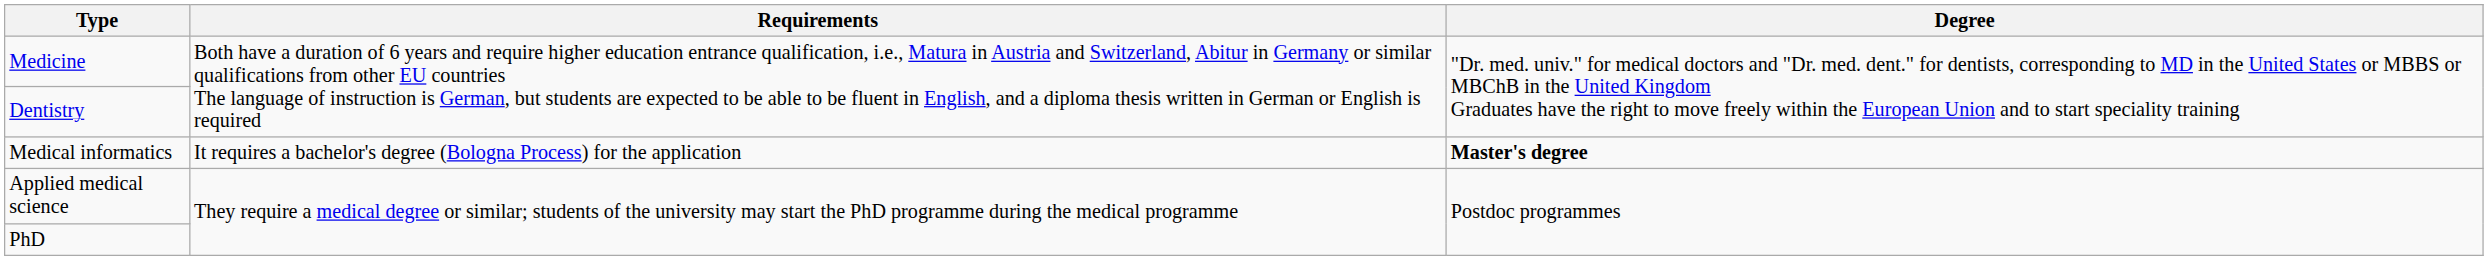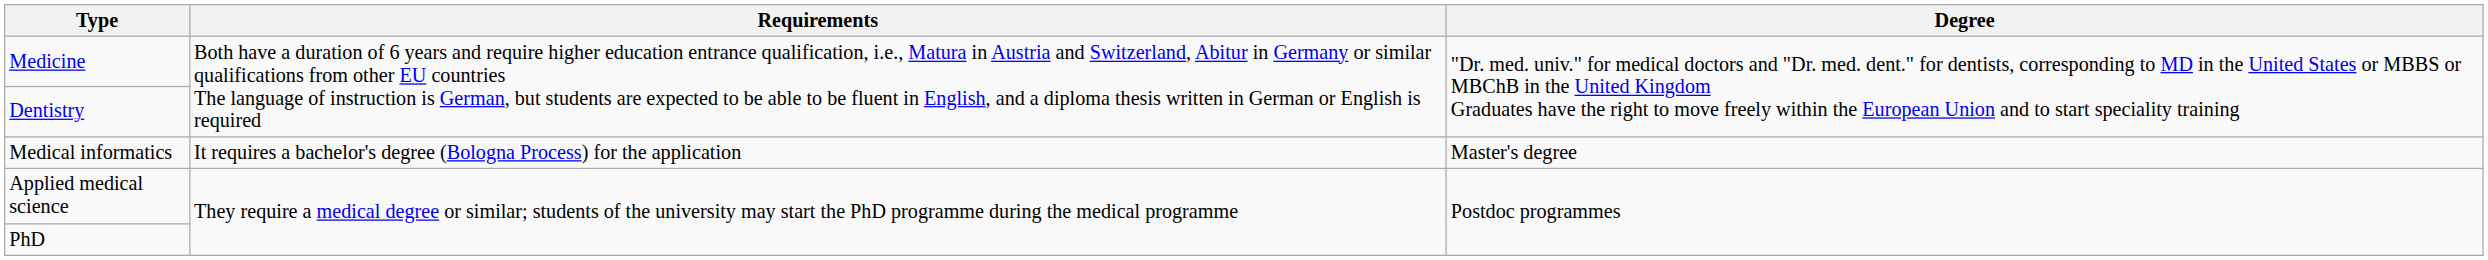 <table class="wikitable">
 <tr>
 <th>Type</th>
 <th>Requirements</th>
 <th>Degree</th>
 </tr>
 <tr>
 <td><a href='#'>Medicine</a></td>
 <td rowspan="2">Both have a duration of 6 years and require higher education entrance qualification, i.e.,  <a href='#'>Matura</a> in <a href='#'>Austria</a> and <a href='#'>Switzerland</a>, <a href='#'>Abitur</a> in <a href='#'>Germany</a> or similar qualifications from other <a href='#'>EU</a> countries<br>The language of instruction is <a href='#'>German</a>, but students are expected to be able to be fluent in <a href='#'>English</a>, and a diploma thesis written in German or English is required</td>
 <td rowspan="2">"Dr. med. univ." for medical doctors and "Dr. med. dent." for dentists, corresponding to <a href='#'>MD</a> in the <a href='#'>United States</a> or MBBS or MBChB in the <a href='#'>United Kingdom</a><br>Graduates have the right to move freely within the <a href='#'>European Union</a> and to start speciality training</td>
 </tr>
 <tr>
 <td><a href='#'>Dentistry</a></td>
 </tr>
 <tr>
 <td>Medical informatics</td>
 <td>It requires a bachelor's degree (<a href='#'>Bologna Process</a>) for the application</td>
-<td><strong>Master's degree</strong></td>
+<td>Master's degree</td>
 </tr>
 <tr>
 <td>Applied medical science</td>
 <td rowspan="2">They require a <a href='#'>medical degree</a> or similar; students of the university may start the PhD programme during the medical programme</td>
 <td rowspan="2">Postdoc programmes</td>
 </tr>
 <tr>
 <td>PhD</td>
 </tr>
 </table>
